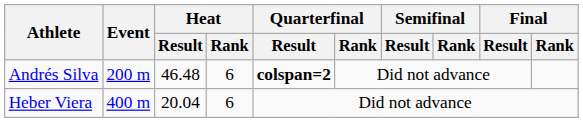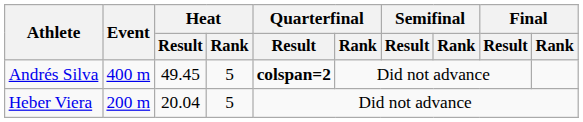 <table class=wikitable style="font-size:90%">
 <tr>
 <th rowspan="2">Athlete</th>
 <th rowspan="2">Event</th>
 <th colspan="2">Heat</th>
 <th colspan="2">Quarterfinal</th>
 <th colspan="2">Semifinal</th>
 <th colspan="2">Final</th>
 </tr>
 <tr style="font-size:95%">
 <th>Result</th>
 <th>Rank</th>
 <th>Result</th>
 <th>Rank</th>
 <th>Result</th>
 <th>Rank</th>
 <th>Result</th>
 <th>Rank</th>
 </tr>
 <tr align=center>
 <td align=left><a href='#'>Andrés Silva</a></td>
-<td align=left><a href='#'>200 m</a></td>
-<td>46.48</td>
-<td>6</td>
+<td align=left><a href='#'>400 m</a></td>
+<td>49.45</td>
+<td>5</td>
 <td><strong>colspan=2 </strong></td>
 <td colspan=4>Did not advance</td>
 </tr>
 <tr align=center>
 <td align=left><a href='#'>Heber Viera</a></td>
-<td align=left><a href='#'>400 m</a></td>
+<td align=left><a href='#'>200 m</a></td>
 <td>20.04</td>
-<td>6</td>
+<td>5</td>
 <td colspan=6>Did not advance</td>
 </tr>
 </table>
